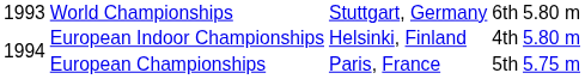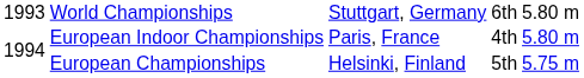 <table>
 <tr>
 <td>1993</td>
 <td><a href='#'>World Championships</a></td>
 <td><a href='#'>Stuttgart</a>, <a href='#'>Germany</a></td>
 <td>6th</td>
 <td>5.80 m</td>
 </tr>
 <tr>
 <td rowspan=2>1994</td>
 <td><a href='#'>European Indoor Championships</a></td>
-<td><a href='#'>Helsinki</a>, <a href='#'>Finland</a></td>
+<td><a href='#'>Paris</a>, <a href='#'>France</a></td>
 <td>4th</td>
 <td><a href='#'>5.80 m</a></td>
 </tr>
 <tr>
 <td><a href='#'>European Championships</a></td>
-<td><a href='#'>Paris</a>, <a href='#'>France</a></td>
+<td><a href='#'>Helsinki</a>, <a href='#'>Finland</a></td>
 <td>5th</td>
 <td><a href='#'>5.75 m</a></td>
 </tr>
 <tr>
 </tr>
 </table>
